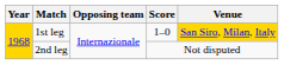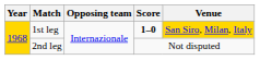 <table class="wikitable" style="font-size: 90%; text-align:left">
 <tr>
 <th>Year</th>
 <th>Match</th>
 <th>Opposing team</th>
 <th>Score</th>
 <th>Venue</th>
 </tr>
 <tr>
 <td bgcolor=gold rowspan=2><a href='#'>1968</a></td>
 <td>1st leg</td>
 <td rowspan=2 align=center> <a href='#'>Internazionale</a></td>
-<td align=center>1–0</td>
+<td align=center><strong>1–0</strong></td>
 <td style="background: gold;"><a href='#'>San Siro</a>, <a href='#'>Milan</a>, <a href='#'>Italy</a></td>
 </tr>
 <tr>
 <td>2nd leg</td>
 <td align=center colspan=2>Not disputed</td>
 </tr>
 </table>
